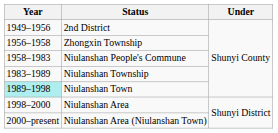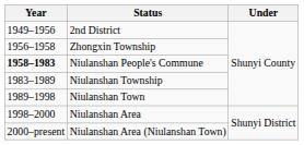 <table class="wikitable">
 <tr>
 <th>Year</th>
 <th>Status</th>
 <th>Under</th>
 </tr>
 <tr>
 <td>1949–1956</td>
 <td>2nd District</td>
 <td rowspan="5">Shunyi County</td>
 </tr>
 <tr>
 <td>1956–1958</td>
 <td>Zhongxin Township</td>
 </tr>
 <tr>
-<td>1958–1983</td>
+<td><strong>1958–1983</strong></td>
 <td>Niulanshan People's Commune</td>
 </tr>
 <tr>
 <td>1983–1989</td>
 <td>Niulanshan Township</td>
 </tr>
 <tr>
-<td style="background: paleturquoise;">1989–1998</td>
+<td>1989–1998</td>
 <td>Niulanshan Town</td>
 </tr>
 <tr>
 <td>1998–2000</td>
 <td>Niulanshan Area</td>
 <td rowspan="2">Shunyi District</td>
 </tr>
 <tr>
 <td>2000–present</td>
 <td>Niulanshan Area (Niulanshan Town)</td>
 </tr>
 </table>
